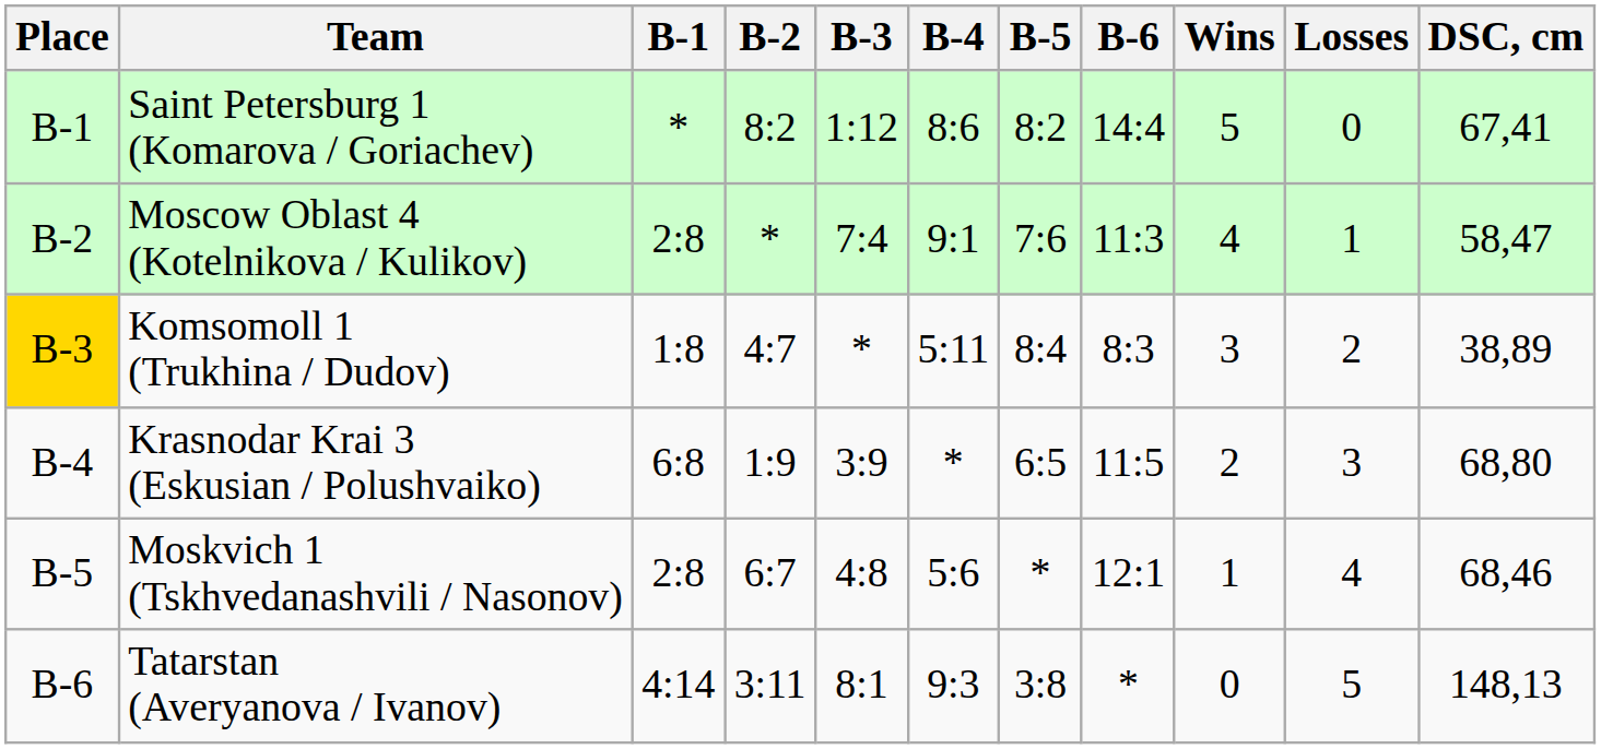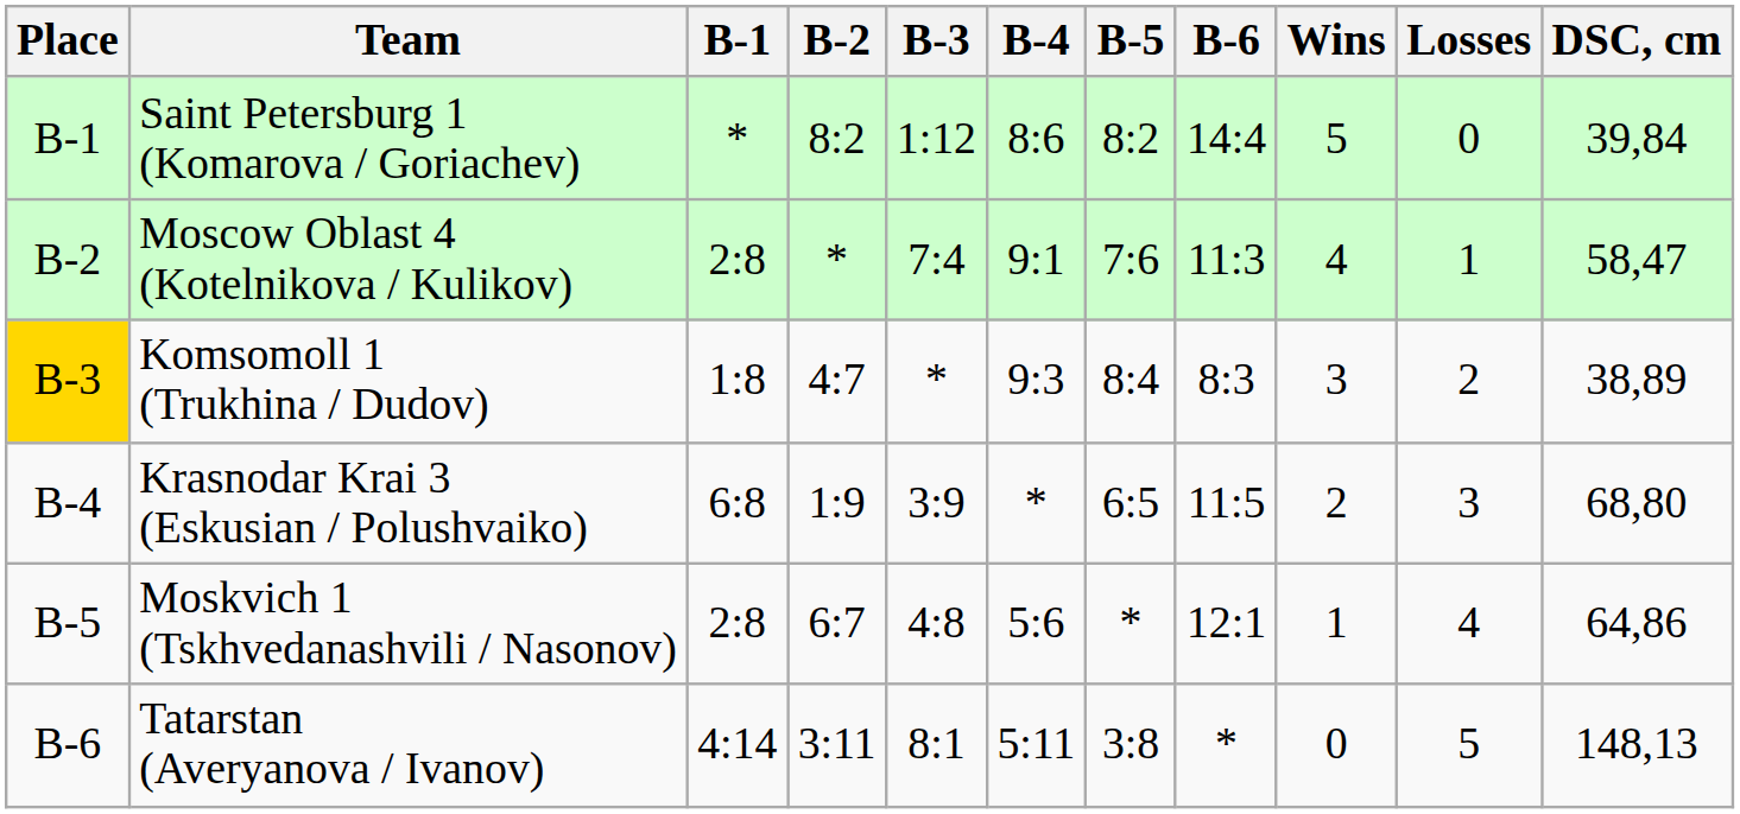 <table class="wikitable" style="text-align:center;">
 <tr>
 <th>Place</th>
 <th>Team</th>
 <th width="25">B-1</th>
 <th width="25">B-2</th>
 <th width="25">B-3</th>
 <th width="25">B-4</th>
 <th width="25">B-5</th>
 <th width="25">B-6</th>
 <th width="20">Wins</th>
 <th width="20">Losses</th>
 <th>DSC, cm</th>
 </tr>
 <tr bgcolor=#cfc>
 <td>B-1</td>
 <td align=left>Saint Petersburg 1<br>(Komarova / Goriachev)</td>
 <td>*</td>
 <td>8:2</td>
 <td>1:12</td>
 <td>8:6</td>
 <td>8:2</td>
 <td>14:4</td>
 <td>5</td>
 <td>0</td>
-<td>67,41</td>
+<td>39,84</td>
 </tr>
 <tr bgcolor=#cfc>
 <td>B-2</td>
 <td align=left>Moscow Oblast 4<br>(Kotelnikova / Kulikov)</td>
 <td>2:8</td>
 <td>*</td>
 <td>7:4</td>
 <td>9:1</td>
 <td>7:6</td>
 <td>11:3</td>
 <td>4</td>
 <td>1</td>
 <td>58,47</td>
 </tr>
 <tr>
 <td style="background: gold;">B-3</td>
 <td align=left>Komsomoll 1<br>(Trukhina / Dudov)</td>
 <td>1:8</td>
 <td>4:7</td>
 <td>*</td>
-<td>5:11</td>
+<td>9:3</td>
 <td>8:4</td>
 <td>8:3</td>
 <td>3</td>
 <td>2</td>
 <td>38,89</td>
 </tr>
 <tr>
 <td>B-4</td>
 <td align=left>Krasnodar Krai 3<br>(Eskusian / Polushvaiko)</td>
 <td>6:8</td>
 <td>1:9</td>
 <td>3:9</td>
 <td>*</td>
 <td>6:5</td>
 <td>11:5</td>
 <td>2</td>
 <td>3</td>
 <td>68,80</td>
 </tr>
 <tr>
 <td>B-5</td>
 <td align=left>Moskvich 1<br>(Tskhvedanashvili / Nasonov)</td>
 <td>2:8</td>
 <td>6:7</td>
 <td>4:8</td>
 <td>5:6</td>
 <td>*</td>
 <td>12:1</td>
 <td>1</td>
 <td>4</td>
-<td>68,46</td>
+<td>64,86</td>
 </tr>
 <tr>
 <td>B-6</td>
 <td align=left>Tatarstan<br>(Averyanova / Ivanov)</td>
 <td>4:14</td>
 <td>3:11</td>
 <td>8:1</td>
-<td>9:3</td>
+<td>5:11</td>
 <td>3:8</td>
 <td>*</td>
 <td>0</td>
 <td>5</td>
 <td>148,13</td>
 </tr>
 </table>
